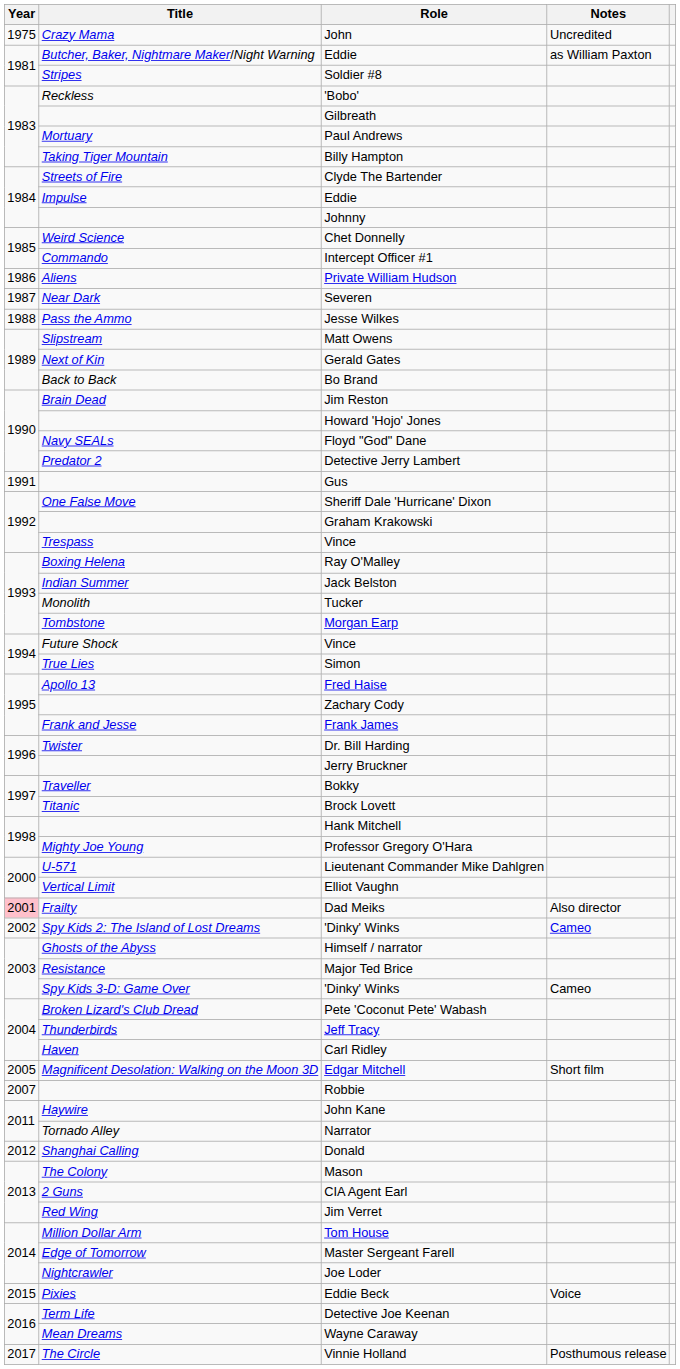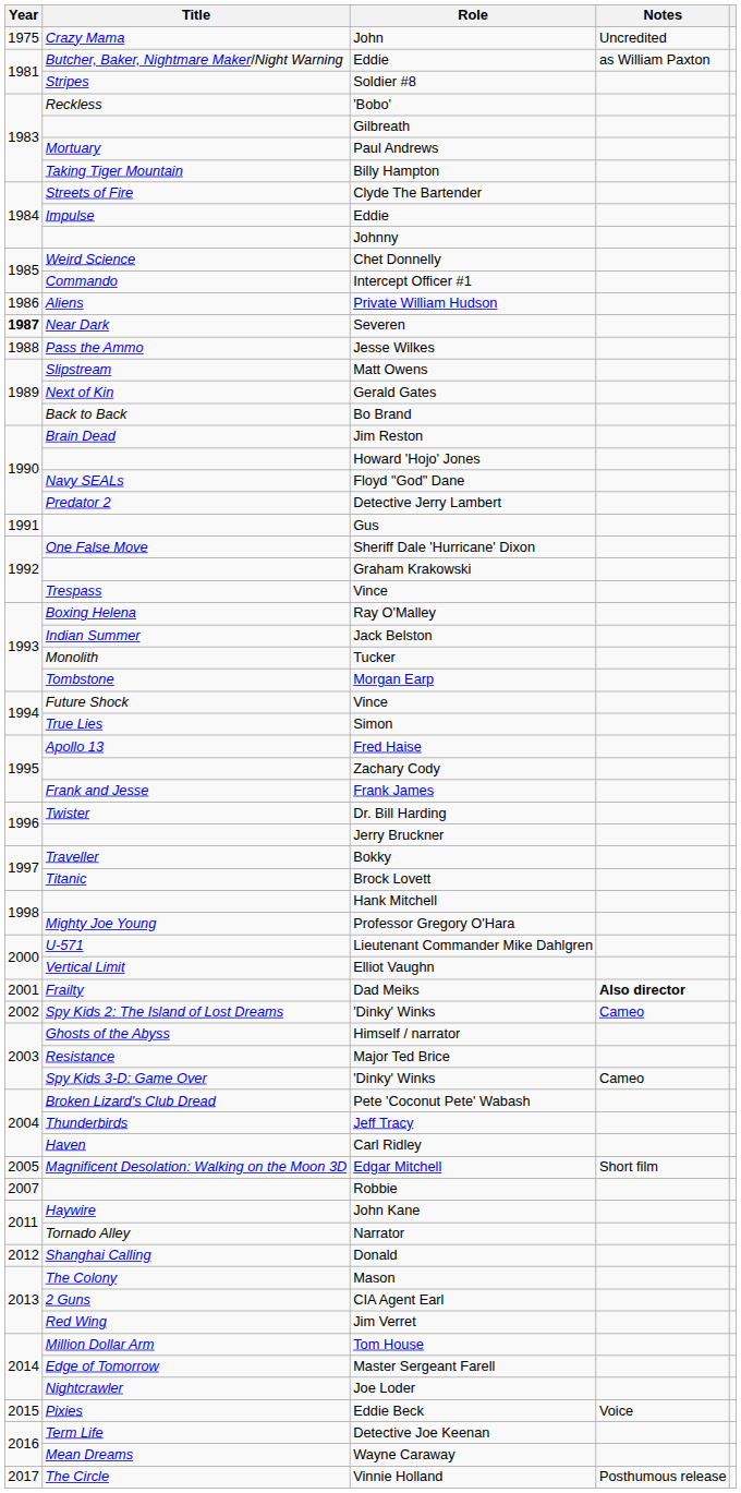 <table class="wikitable sortable">
 <tr>
 <th>Year</th>
 <th>Title</th>
 <th>Role</th>
 <th class="unsortable">Notes</th>
 <th class="unsortable"></th>
 </tr>
 <tr>
 <td>1975</td>
 <td><em><a href='#'>Crazy Mama</a></em></td>
 <td>John</td>
 <td>Uncredited</td>
 <td></td>
 </tr>
 <tr>
 <td rowspan="2">1981</td>
 <td><em><a href='#'>Butcher, Baker, Nightmare Maker</a></em>/<em>Night Warning</em></td>
 <td>Eddie</td>
 <td>as William Paxton</td>
 <td></td>
 </tr>
 <tr>
 <td><em><a href='#'>Stripes</a></em></td>
 <td>Soldier #8</td>
 <td></td>
 <td></td>
 </tr>
 <tr>
 <td rowspan="4">1983</td>
 <td><em>Reckless</em></td>
 <td>'Bobo'</td>
 <td></td>
 <td></td>
 </tr>
 <tr>
 <td><em></em></td>
 <td>Gilbreath</td>
 <td></td>
 <td></td>
 </tr>
 <tr>
 <td><em><a href='#'>Mortuary</a></em></td>
 <td>Paul Andrews</td>
 <td></td>
 <td></td>
 </tr>
 <tr>
 <td><em><a href='#'>Taking Tiger Mountain</a></em></td>
 <td>Billy Hampton</td>
 <td></td>
 <td></td>
 </tr>
 <tr>
 <td rowspan="3">1984</td>
 <td><em><a href='#'>Streets of Fire</a></em></td>
 <td>Clyde The Bartender</td>
 <td></td>
 <td></td>
 </tr>
 <tr>
 <td><em><a href='#'>Impulse</a></em></td>
 <td>Eddie</td>
 <td></td>
 <td></td>
 </tr>
 <tr>
 <td><em></em></td>
 <td>Johnny</td>
 <td></td>
 <td></td>
 </tr>
 <tr>
 <td rowspan="2">1985</td>
 <td><em><a href='#'>Weird Science</a></em></td>
 <td>Chet Donnelly</td>
 <td></td>
 <td></td>
 </tr>
 <tr>
 <td><em><a href='#'>Commando</a></em></td>
 <td>Intercept Officer #1</td>
 <td></td>
 <td></td>
 </tr>
 <tr>
 <td>1986</td>
 <td><a href='#'><em>Aliens</em></a></td>
 <td><a href='#'>Private William Hudson</a></td>
 <td></td>
 <td></td>
 </tr>
 <tr>
-<td>1987</td>
+<td><strong>1987</strong></td>
 <td><em><a href='#'>Near Dark</a></em></td>
 <td>Severen</td>
 <td></td>
 <td></td>
 </tr>
 <tr>
 <td>1988</td>
 <td><em><a href='#'>Pass the Ammo</a></em></td>
 <td>Jesse Wilkes</td>
 <td></td>
 <td></td>
 </tr>
 <tr>
 <td rowspan="3">1989</td>
 <td><em><a href='#'>Slipstream</a></em></td>
 <td>Matt Owens</td>
 <td></td>
 <td></td>
 </tr>
 <tr>
 <td><em><a href='#'>Next of Kin</a></em></td>
 <td>Gerald Gates</td>
 <td></td>
 <td></td>
 </tr>
 <tr>
 <td><em>Back to Back</em></td>
 <td>Bo Brand</td>
 <td></td>
 <td></td>
 </tr>
 <tr>
 <td rowspan="4">1990</td>
 <td><em><a href='#'>Brain Dead</a></em></td>
 <td>Jim Reston</td>
 <td></td>
 <td></td>
 </tr>
 <tr>
 <td><em></em></td>
 <td>Howard 'Hojo' Jones</td>
 <td></td>
 <td></td>
 </tr>
 <tr>
 <td><em><a href='#'>Navy SEALs</a></em></td>
 <td>Floyd "God" Dane</td>
 <td></td>
 <td></td>
 </tr>
 <tr>
 <td><em><a href='#'>Predator 2</a></em></td>
 <td>Detective Jerry Lambert</td>
 <td></td>
 <td></td>
 </tr>
 <tr>
 <td>1991</td>
 <td><em></em></td>
 <td>Gus</td>
 <td></td>
 <td></td>
 </tr>
 <tr>
 <td rowspan="3">1992</td>
 <td><em><a href='#'>One False Move</a></em></td>
 <td>Sheriff Dale 'Hurricane' Dixon</td>
 <td></td>
 <td></td>
 </tr>
 <tr>
 <td><em></em></td>
 <td>Graham Krakowski</td>
 <td></td>
 <td></td>
 </tr>
 <tr>
 <td><em><a href='#'>Trespass</a></em></td>
 <td>Vince</td>
 <td></td>
 <td></td>
 </tr>
 <tr>
 <td rowspan="4">1993</td>
 <td><em><a href='#'>Boxing Helena</a></em></td>
 <td>Ray O'Malley</td>
 <td></td>
 <td></td>
 </tr>
 <tr>
 <td><em><a href='#'>Indian Summer</a></em></td>
 <td>Jack Belston</td>
 <td></td>
 <td></td>
 </tr>
 <tr>
 <td><em>Monolith</em></td>
 <td>Tucker</td>
 <td></td>
 <td></td>
 </tr>
 <tr>
 <td><em><a href='#'>Tombstone</a></em></td>
 <td><a href='#'>Morgan Earp</a></td>
 <td></td>
 <td></td>
 </tr>
 <tr>
 <td rowspan="2">1994</td>
 <td><em>Future Shock</em></td>
 <td>Vince</td>
 <td></td>
 <td></td>
 </tr>
 <tr>
 <td><em><a href='#'>True Lies</a></em></td>
 <td>Simon</td>
 <td></td>
 <td></td>
 </tr>
 <tr>
 <td rowspan="3">1995</td>
 <td><em><a href='#'>Apollo 13</a></em></td>
 <td><a href='#'>Fred Haise</a></td>
 <td></td>
 <td></td>
 </tr>
 <tr>
 <td><em></em></td>
 <td>Zachary Cody</td>
 <td></td>
 <td></td>
 </tr>
 <tr>
 <td><em><a href='#'>Frank and Jesse</a></em></td>
 <td><a href='#'>Frank James</a></td>
 <td></td>
 <td></td>
 </tr>
 <tr>
 <td rowspan="2">1996</td>
 <td><em><a href='#'>Twister</a></em></td>
 <td>Dr. Bill Harding</td>
 <td></td>
 <td></td>
 </tr>
 <tr>
 <td><em></em></td>
 <td>Jerry Bruckner</td>
 <td></td>
 <td></td>
 </tr>
 <tr>
 <td rowspan="2">1997</td>
 <td><em><a href='#'>Traveller</a></em></td>
 <td>Bokky</td>
 <td></td>
 <td></td>
 </tr>
 <tr>
 <td><em><a href='#'>Titanic</a></em></td>
 <td>Brock Lovett</td>
 <td></td>
 <td></td>
 </tr>
 <tr>
 <td rowspan="2">1998</td>
 <td><em></em></td>
 <td>Hank Mitchell</td>
 <td></td>
 <td></td>
 </tr>
 <tr>
 <td><em><a href='#'>Mighty Joe Young</a></em></td>
 <td>Professor Gregory O'Hara</td>
 <td></td>
 <td></td>
 </tr>
 <tr>
 <td rowspan="2">2000</td>
 <td><em><a href='#'>U-571</a></em></td>
 <td>Lieutenant Commander Mike Dahlgren</td>
 <td></td>
 <td></td>
 </tr>
 <tr>
 <td><em><a href='#'>Vertical Limit</a></em></td>
 <td>Elliot Vaughn</td>
 <td></td>
 <td></td>
 </tr>
 <tr>
-<td style="background: pink;">2001</td>
+<td>2001</td>
 <td><em><a href='#'>Frailty</a></em></td>
 <td>Dad Meiks</td>
-<td>Also director</td>
+<td><strong>Also director</strong></td>
 <td></td>
 </tr>
 <tr>
 <td>2002</td>
 <td><em><a href='#'>Spy Kids 2: The Island of Lost Dreams</a></em></td>
 <td>'Dinky' Winks</td>
 <td><a href='#'>Cameo</a></td>
 <td></td>
 </tr>
 <tr>
 <td rowspan="3">2003</td>
 <td><em><a href='#'>Ghosts of the Abyss</a></em></td>
 <td>Himself / narrator</td>
 <td></td>
 <td></td>
 </tr>
 <tr>
 <td><em><a href='#'>Resistance</a></em></td>
 <td>Major Ted Brice</td>
 <td></td>
 <td></td>
 </tr>
 <tr>
 <td><em><a href='#'>Spy Kids 3-D: Game Over</a></em></td>
 <td>'Dinky' Winks</td>
 <td>Cameo</td>
 <td></td>
 </tr>
 <tr>
 <td rowspan="3">2004</td>
 <td><em><a href='#'>Broken Lizard's Club Dread</a></em></td>
 <td>Pete 'Coconut Pete' Wabash</td>
 <td></td>
 <td></td>
 </tr>
 <tr>
 <td><em><a href='#'>Thunderbirds</a></em></td>
 <td><a href='#'>Jeff Tracy</a></td>
 <td></td>
 <td></td>
 </tr>
 <tr>
 <td><em><a href='#'>Haven</a></em></td>
 <td>Carl Ridley</td>
 <td></td>
 <td></td>
 </tr>
 <tr>
 <td>2005</td>
 <td><em><a href='#'>Magnificent Desolation: Walking on the Moon 3D</a></em></td>
 <td><a href='#'>Edgar Mitchell</a></td>
 <td>Short film</td>
 <td></td>
 </tr>
 <tr>
 <td>2007</td>
 <td><em></em></td>
 <td>Robbie</td>
 <td></td>
 <td></td>
 </tr>
 <tr>
 <td rowspan="2">2011</td>
 <td><em><a href='#'>Haywire</a></em></td>
 <td>John Kane</td>
 <td></td>
 <td></td>
 </tr>
 <tr>
 <td><em>Tornado Alley</em></td>
 <td>Narrator</td>
 <td></td>
 <td></td>
 </tr>
 <tr>
 <td>2012</td>
 <td><em><a href='#'>Shanghai Calling</a></em></td>
 <td>Donald</td>
 <td></td>
 <td></td>
 </tr>
 <tr>
 <td rowspan="3">2013</td>
 <td><em><a href='#'>The Colony</a></em></td>
 <td>Mason</td>
 <td></td>
 <td></td>
 </tr>
 <tr>
 <td><em><a href='#'>2 Guns</a></em></td>
 <td>CIA Agent Earl</td>
 <td></td>
 <td></td>
 </tr>
 <tr>
 <td><em><a href='#'>Red Wing</a></em></td>
 <td>Jim Verret</td>
 <td></td>
 <td></td>
 </tr>
 <tr>
 <td rowspan="3">2014</td>
 <td><em><a href='#'>Million Dollar Arm</a></em></td>
 <td><a href='#'>Tom House</a></td>
 <td></td>
 <td></td>
 </tr>
 <tr>
 <td><em><a href='#'>Edge of Tomorrow</a></em></td>
 <td>Master Sergeant Farell</td>
 <td></td>
 <td></td>
 </tr>
 <tr>
 <td><em><a href='#'>Nightcrawler</a></em></td>
 <td>Joe Loder</td>
 <td></td>
 <td></td>
 </tr>
 <tr>
 <td>2015</td>
 <td><em><a href='#'>Pixies</a></em></td>
 <td>Eddie Beck</td>
 <td>Voice</td>
 <td></td>
 </tr>
 <tr>
 <td rowspan="2">2016</td>
 <td><em><a href='#'>Term Life</a></em></td>
 <td>Detective Joe Keenan</td>
 <td></td>
 <td></td>
 </tr>
 <tr>
 <td><em><a href='#'>Mean Dreams</a></em></td>
 <td>Wayne Caraway</td>
 <td></td>
 <td></td>
 </tr>
 <tr>
 <td>2017</td>
 <td><em><a href='#'>The Circle</a></em></td>
 <td>Vinnie Holland</td>
 <td>Posthumous release</td>
 <td></td>
 </tr>
 </table>
